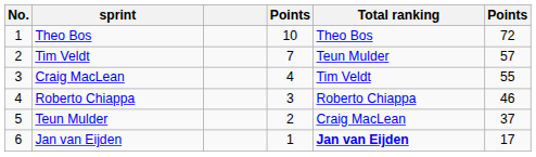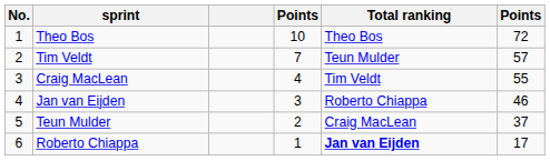 <table class="wikitable">
 <tr>
 <th width="20px">No.</th>
 <th width="200px">sprint</th>
 <th width="70px"></th>
 <th width="40px">Points</th>
 <th width="200px">Total ranking</th>
 <th width="40px">Points</th>
 </tr>
 <tr align=center>
 <td>1</td>
 <td align=left> <a href='#'>Theo Bos</a></td>
 <td></td>
 <td>10</td>
 <td align=left> <a href='#'>Theo Bos</a></td>
 <td>72</td>
 </tr>
 <tr align=center>
 <td>2</td>
 <td align=left> <a href='#'>Tim Veldt</a></td>
 <td></td>
 <td>7</td>
 <td align=left> <a href='#'>Teun Mulder</a></td>
 <td>57</td>
 </tr>
 <tr align=center>
 <td>3</td>
 <td align=left> <a href='#'>Craig MacLean</a></td>
 <td></td>
 <td>4</td>
 <td align=left> <a href='#'>Tim Veldt</a></td>
 <td>55</td>
 </tr>
 <tr align=center>
 <td>4</td>
-<td align=left> <a href='#'>Roberto Chiappa</a></td>
+<td align=left> <a href='#'>Jan van Eijden</a></td>
 <td></td>
 <td>3</td>
 <td align=left> <a href='#'>Roberto Chiappa</a></td>
 <td>46</td>
 </tr>
 <tr align=center>
 <td>5</td>
 <td align=left> <a href='#'>Teun Mulder</a></td>
 <td></td>
 <td>2</td>
 <td align=left> <a href='#'>Craig MacLean</a></td>
 <td>37</td>
 </tr>
 <tr align=center>
 <td>6</td>
-<td align=left> <a href='#'>Jan van Eijden</a></td>
+<td align=left> <a href='#'>Roberto Chiappa</a></td>
 <td></td>
 <td>1</td>
 <td align=left><strong> <a href='#'>Jan van Eijden</a></strong></td>
 <td>17</td>
 </tr>
 </table>
